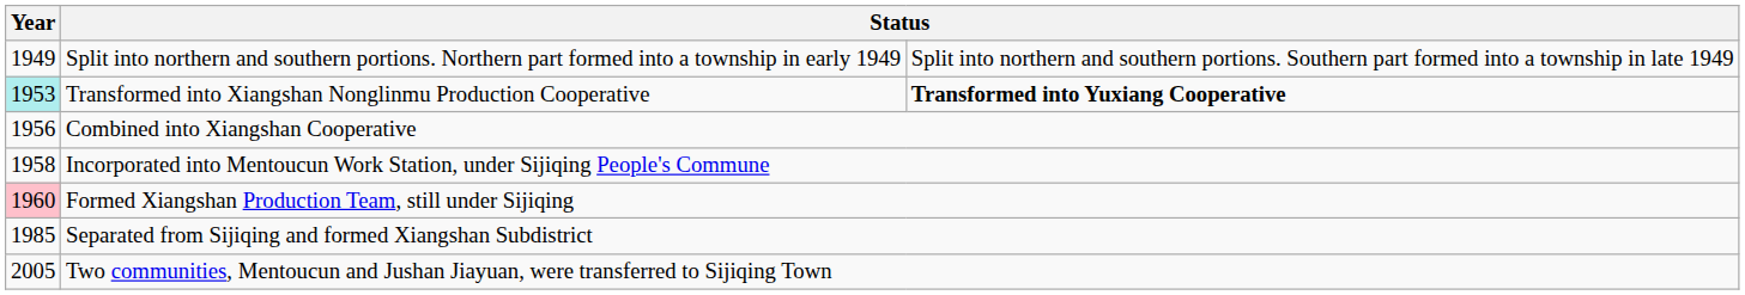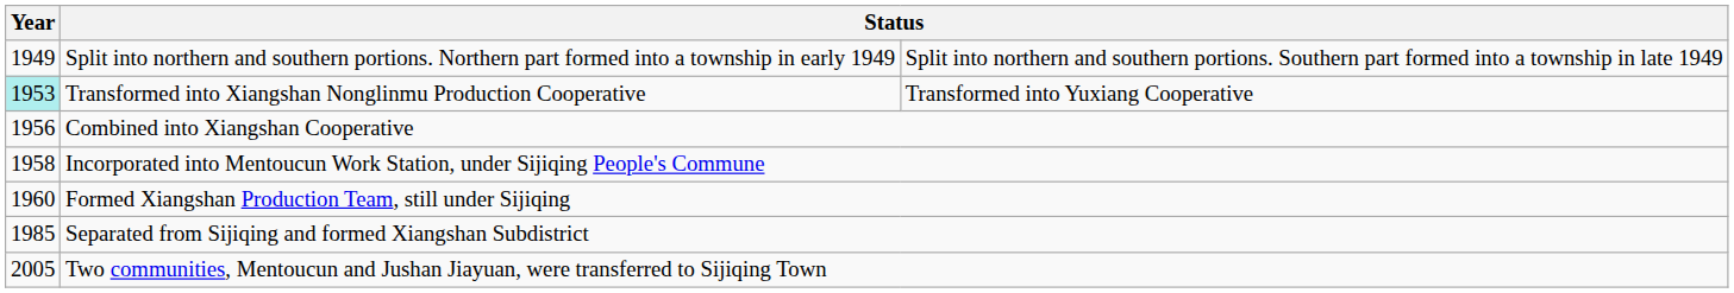 <table class="wikitable">
 <tr>
 <th>Year</th>
 <th colspan="2">Status</th>
 </tr>
 <tr>
 <td>1949</td>
 <td>Split into northern and southern portions. Northern part formed into a township in early 1949</td>
 <td>Split into northern and southern portions. Southern part formed into a township in late 1949</td>
 </tr>
 <tr>
 <td style="background: paleturquoise;">1953</td>
 <td>Transformed into Xiangshan Nonglinmu Production Cooperative</td>
-<td><strong>Transformed into Yuxiang Cooperative</strong></td>
+<td>Transformed into Yuxiang Cooperative</td>
 </tr>
 <tr>
 <td>1956</td>
 <td colspan="2">Combined into Xiangshan Cooperative</td>
 </tr>
 <tr>
 <td>1958</td>
 <td colspan="2">Incorporated into Mentoucun Work Station, under Sijiqing <a href='#'>People's Commune</a></td>
 </tr>
 <tr>
-<td style="background: pink;">1960</td>
+<td>1960</td>
 <td colspan="2">Formed Xiangshan <a href='#'>Production Team</a>, still under Sijiqing</td>
 </tr>
 <tr>
 <td>1985</td>
 <td colspan="2">Separated from Sijiqing and formed Xiangshan Subdistrict</td>
 </tr>
 <tr>
 <td>2005</td>
 <td colspan="2">Two <a href='#'>communities</a>, Mentoucun and Jushan Jiayuan, were transferred to Sijiqing Town</td>
 </tr>
 </table>
